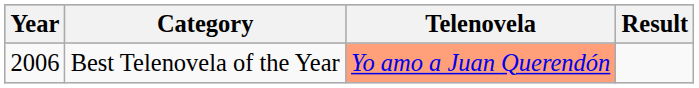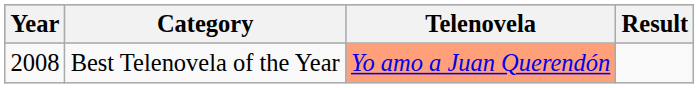 <table class="wikitable">
 <tr style="background:#b0c4de;">
 <th>Year</th>
 <th>Category</th>
 <th>Telenovela</th>
 <th>Result</th>
 </tr>
 <tr>
-<td>2006</td>
+<td>2008</td>
 <td>Best Telenovela of the Year</td>
 <td style="background: lightsalmon;"><em><a href='#'>Yo amo a Juan Querendón</a></em></td>
 <td></td>
 </tr>
 </table>
